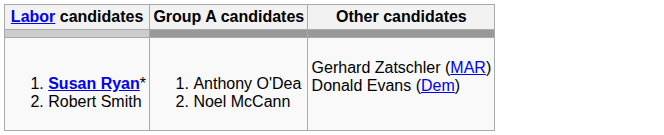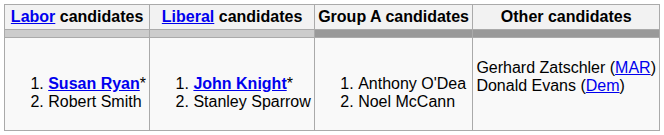 <table class="wikitable">
 <tr>
 <th><a href='#'>Labor</a> candidates</th>
+<th><a href='#'>Liberal</a> candidates</th>
 <th>Group A candidates</th>
 <th>Other candidates</th>
 </tr>
 <tr bgcolor="#cccccc">
+<td></td>
 <td></td>
 <td bgcolor="#999999"></td>
 <td bgcolor="#999999"></td>
 </tr>
 <tr>
 <td><br><ol><li><strong><a href='#'>Susan Ryan</a></strong>*</li><li>Robert Smith</li></ol></td>
+<td><br><ol><li><strong><a href='#'>John Knight</a></strong>*</li><li>Stanley Sparrow</li></ol></td>
 <td valign=top><br><ol><li>Anthony O'Dea</li><li>Noel McCann</li></ol></td>
 <td valign=top><br>Gerhard Zatschler (<a href='#'>MAR</a>)<br> Donald Evans (<a href='#'>Dem</a>)</td>
 </tr>
 </table>
